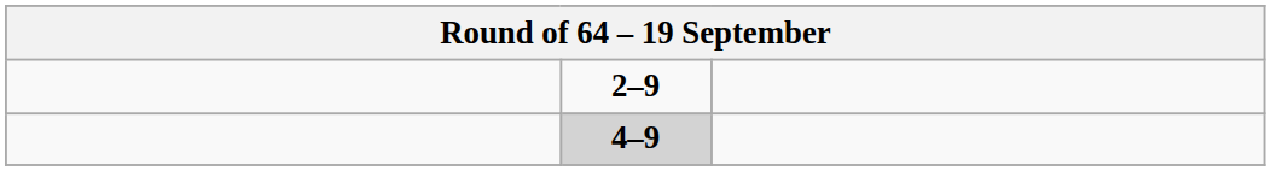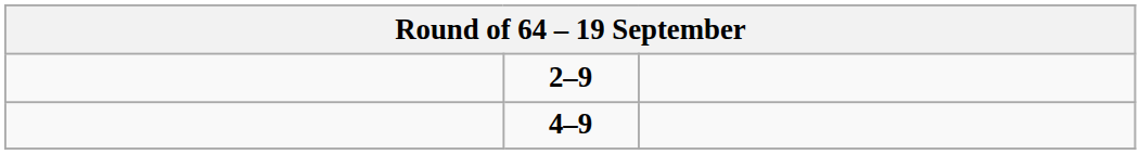 <table class="wikitable" style="text-align: center; font-size:90% ">
 <tr>
 <th colspan=3>Round of 64 – 19 September</th>
 </tr>
 <tr>
 <td align=left width="240"></td>
 <td align=center width="60"><strong>2–9</strong></td>
 <td align=left width="240"><strong></strong></td>
 </tr>
 <tr>
 <td align=left></td>
-<td align=center style="background: lightgrey;"><strong>4–9</strong></td>
+<td align=center><strong>4–9</strong></td>
 <td align=left><strong></strong></td>
 </tr>
 </table>
